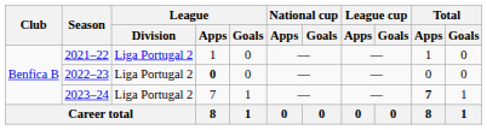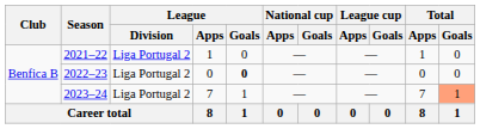 <table class="wikitable" style="text-align: center">
 <tr>
 <th rowspan="2">Club</th>
 <th rowspan="2">Season</th>
 <th colspan="3">League</th>
 <th colspan="2">National cup</th>
 <th colspan="2">League cup</th>
 <th colspan="2">Total</th>
 </tr>
 <tr>
 <th>Division</th>
 <th>Apps</th>
 <th>Goals</th>
 <th>Apps</th>
 <th>Goals</th>
 <th>Apps</th>
 <th>Goals</th>
 <th>Apps</th>
 <th>Goals</th>
 </tr>
 <tr>
 <td rowspan="3"><a href='#'>Benfica B</a></td>
 <td><a href='#'>2021–22</a></td>
 <td><a href='#'>Liga Portugal 2</a></td>
 <td>1</td>
 <td>0</td>
 <td colspan="2">—</td>
 <td colspan="2">—</td>
 <td>1</td>
 <td>0</td>
 </tr>
 <tr>
 <td><a href='#'>2022–23</a></td>
 <td>Liga Portugal 2</td>
+<td>0</td>
 <td><strong>0</strong></td>
-<td>0</td>
 <td colspan="2">—</td>
 <td colspan="2">—</td>
 <td>0</td>
 <td>0</td>
 </tr>
 <tr>
 <td><a href='#'>2023–24</a></td>
 <td>Liga Portugal 2</td>
 <td>7</td>
 <td>1</td>
 <td colspan="2">—</td>
 <td colspan="2">—</td>
-<td><strong>7</strong></td>
-<td>1</td>
+<td>7</td>
+<td style="background: lightsalmon;">1</td>
 </tr>
 <tr>
 <th colspan="3"><strong>Career total</strong></th>
 <th>8</th>
 <th>1</th>
 <th>0</th>
 <th>0</th>
 <th>0</th>
 <th>0</th>
 <th>8</th>
 <th>1</th>
 </tr>
 </table>
